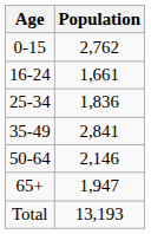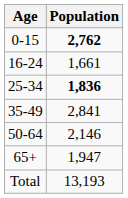 <table class="wikitable" style="text-align: center;">
 <tr>
 <th>Age</th>
 <th>Population</th>
 </tr>
 <tr>
 <td>0-15</td>
-<td>2,762</td>
+<td><strong>2,762</strong></td>
 </tr>
 <tr>
 <td>16-24</td>
 <td>1,661</td>
 </tr>
 <tr>
 <td>25-34</td>
-<td>1,836</td>
+<td><strong>1,836</strong></td>
 </tr>
 <tr>
 <td>35-49</td>
 <td>2,841</td>
 </tr>
 <tr>
 <td>50-64</td>
 <td>2,146</td>
 </tr>
 <tr>
 <td>65+</td>
 <td>1,947</td>
 </tr>
 <tr>
 <td>Total</td>
 <td>13,193</td>
 </tr>
 </table>
